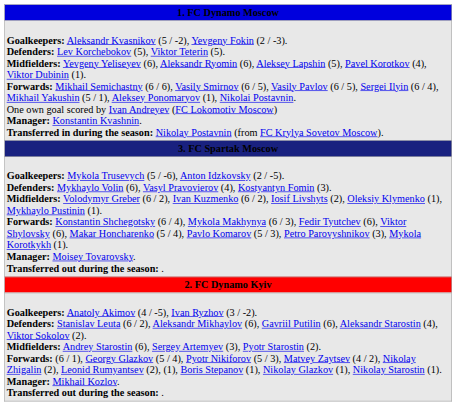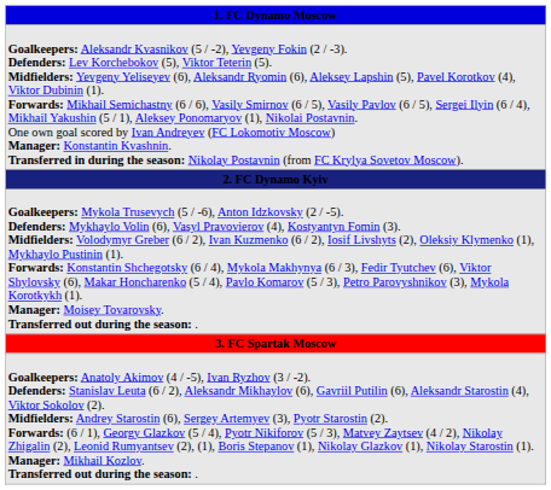 <table class="wikitable" style="width:700px;">
 <tr style="background:#00d;">
 <td style="text-align:center; width:700px;"><span> <strong>1. FC Dynamo Moscow</strong> </span></td>
 </tr>
 <tr style="background:#e8e8e8;">
 <td style="text-align:left; width:700px;"><br><strong>Goalkeepers:</strong> <a href='#'>Aleksandr Kvasnikov</a> (5 / -2), <a href='#'>Yevgeny Fokin</a> (2 / -3).<br> <strong>Defenders:</strong> <a href='#'>Lev Korchebokov</a> (5), <a href='#'>Viktor Teterin</a> (5).<br> <strong>Midfielders:</strong> <a href='#'>Yevgeny Yeliseyev</a> (6), <a href='#'>Aleksandr Ryomin</a> (6), <a href='#'>Aleksey Lapshin</a> (5), <a href='#'>Pavel Korotkov</a> (4), <a href='#'>Viktor Dubinin</a> (1).<br> <strong>Forwards:</strong> <a href='#'>Mikhail Semichastny</a> (6 / 6), <a href='#'>Vasily Smirnov</a> (6 / 5), <a href='#'>Vasily Pavlov</a> (6 / 5), <a href='#'>Sergei Ilyin</a> (6 / 4), <a href='#'>Mikhail Yakushin</a> (5 / 1), <a href='#'>Aleksey Ponomaryov</a> (1), <a href='#'>Nikolai Postavnin</a>.<br>One own goal scored by <a href='#'>Ivan Andreyev</a> (<a href='#'>FC Lokomotiv Moscow</a>)<br><strong>Manager:</strong> <a href='#'>Konstantin Kvashnin</a>.<br><strong>Transferred in during the season:</strong> <a href='#'>Nikolay Postavnin</a> (from <a href='#'>FC Krylya Sovetov Moscow</a>).</td>
 </tr>
 <tr style="background:#19217f;">
-<td style="text-align:center; width:700px;"><span> <strong>3. FC Spartak Moscow</strong> </span></td>
+<td style="text-align:center; width:700px;"><span> <strong>2. FC Dynamo Kyiv</strong> </span></td>
 </tr>
 <tr style="background:#e8e8e8;">
 <td style="text-align:left; width:700px;"><br><strong>Goalkeepers:</strong> <a href='#'>Mykola Trusevych</a> (5 / -6), <a href='#'>Anton Idzkovsky</a> (2 / -5).<br> <strong>Defenders:</strong> <a href='#'>Mykhaylo Volin</a> (6), <a href='#'>Vasyl Pravovierov</a> (4), <a href='#'>Kostyantyn Fomin</a> (3).<br> <strong>Midfielders:</strong> <a href='#'>Volodymyr Greber</a> (6 / 2), <a href='#'>Ivan Kuzmenko</a> (6 / 2), <a href='#'>Iosif Livshyts</a> (2), <a href='#'>Oleksiy Klymenko</a> (1), <a href='#'>Mykhaylo Pustinin</a> (1).<br> <strong>Forwards:</strong> <a href='#'>Konstantin Shchegotsky</a> (6 / 4), <a href='#'>Mykola Makhynya</a> (6 / 3), <a href='#'>Fedir Tyutchev</a> (6), <a href='#'>Viktor Shylovsky</a> (6), <a href='#'>Makar Honcharenko</a> (5 / 4), <a href='#'>Pavlo Komarov</a> (5 / 3), <a href='#'>Petro Parovyshnikov</a> (3), <a href='#'>Mykola Korotkykh</a> (1).<br><strong>Manager:</strong> <a href='#'>Moisey Tovarovsky</a>.<br><strong>Transferred out during the season:</strong> .</td>
 </tr>
 <tr style="background:#f00;">
-<td style="text-align:center; width:700px;"><span> <strong>2. FC Dynamo Kyiv</strong> </span></td>
+<td style="text-align:center; width:700px;"><span> <strong>3. FC Spartak Moscow</strong> </span></td>
 </tr>
 <tr style="background:#e8e8e8;">
 <td style="text-align:left; width:700px;"><br><strong>Goalkeepers:</strong> <a href='#'>Anatoly Akimov</a> (4 / -5), <a href='#'>Ivan Ryzhov</a> (3 / -2).<br> <strong>Defenders:</strong> <a href='#'>Stanislav Leuta</a> (6 / 2), <a href='#'>Aleksandr Mikhaylov</a> (6), <a href='#'>Gavriil Putilin</a> (6), <a href='#'>Aleksandr Starostin</a> (4), <a href='#'>Viktor Sokolov</a> (2).<br> <strong>Midfielders:</strong> <a href='#'>Andrey Starostin</a> (6), <a href='#'>Sergey Artemyev</a> (3), <a href='#'>Pyotr Starostin</a> (2).<br> <strong>Forwards:</strong>  (6 / 1), <a href='#'>Georgy Glazkov</a> (5 / 4), <a href='#'>Pyotr Nikiforov</a> (5 / 3), <a href='#'>Matvey Zaytsev</a> (4 / 2), <a href='#'>Nikolay Zhigalin</a> (2), <a href='#'>Leonid Rumyantsev</a> (2),  (1), <a href='#'>Boris Stepanov</a> (1), <a href='#'>Nikolay Glazkov</a> (1), <a href='#'>Nikolay Starostin</a> (1).<br><strong>Manager:</strong> <a href='#'>Mikhail Kozlov</a>.<br><strong>Transferred out during the season:</strong> .</td>
 </tr>
 </table>
